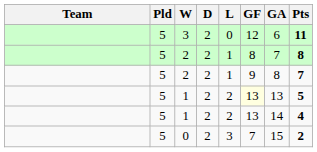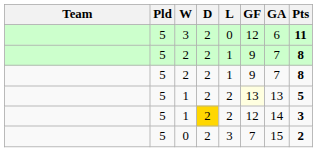 <table class=wikitable style="text-align:center">
 <tr>
 <th width="175">Team</th>
 <th width="20">Pld</th>
 <th width="20">W</th>
 <th width="20">D</th>
 <th width="20">L</th>
 <th width="20">GF</th>
 <th width="20">GA</th>
 <th width="20">Pts</th>
 </tr>
 <tr bgcolor=ccffcc>
 <td align=left></td>
 <td>5</td>
 <td>3</td>
 <td>2</td>
 <td>0</td>
 <td>12</td>
 <td>6</td>
 <td><strong>11</strong></td>
 </tr>
 <tr bgcolor=ccffcc>
 <td align=left></td>
 <td>5</td>
 <td>2</td>
 <td>2</td>
 <td>1</td>
-<td>8</td>
+<td>9</td>
 <td>7</td>
 <td><strong>8</strong></td>
 </tr>
 <tr>
 <td align=left></td>
 <td>5</td>
 <td>2</td>
 <td>2</td>
 <td>1</td>
 <td>9</td>
-<td>8</td>
-<td><strong>7</strong></td>
+<td>7</td>
+<td><strong>8</strong></td>
 </tr>
 <tr>
 <td align=left></td>
 <td>5</td>
 <td>1</td>
 <td>2</td>
 <td>2</td>
 <td style="background: lightyellow;">13</td>
 <td>13</td>
 <td><strong>5</strong></td>
 </tr>
 <tr>
 <td align=left></td>
 <td>5</td>
 <td>1</td>
+<td style="background: gold;">2</td>
 <td>2</td>
-<td>2</td>
-<td>13</td>
+<td>12</td>
 <td>14</td>
-<td><strong>4</strong></td>
+<td><strong>3</strong></td>
 </tr>
 <tr>
 <td align=left></td>
 <td>5</td>
 <td>0</td>
 <td>2</td>
 <td>3</td>
 <td>7</td>
 <td>15</td>
 <td><strong>2</strong></td>
 </tr>
 </table>
